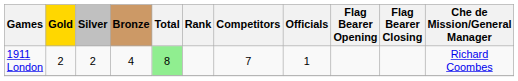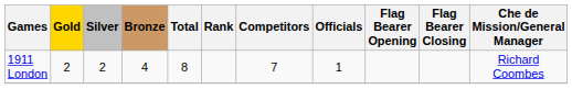 <table class="wikitable sortable plainrowheaders" border="1" style="text-align:center;">
 <tr>
 <th scope="col" style="width:10em;">Games</th>
 <th scope="col" style="background-color:gold; font-weight:bold;">Gold</th>
 <th scope="col" style="background-color:silver; font-weight:bold;">Silver</th>
 <th scope="col" style="background-color:#cc9966; font-weight:bold;">Bronze</th>
 <th scope="col">Total</th>
 <th style="width:3em; font-weight:bold;">Rank</th>
 <th style="width:3em; font-weight:bold;">Competitors</th>
 <th style="width:3em; font-weight:bold;">Officials</th>
 <th style="width=175px; font-weight:bold;">Flag Bearer Opening</th>
 <th style="width=175px; font-weight:bold;">Flag Bearer Closing</th>
 <th style="width=175px; font-weight:bold;">Che de Mission/General Manager</th>
 </tr>
 <tr>
 <td align=left> <a href='#'>1911 London</a></td>
 <td>2</td>
 <td>2</td>
 <td>4</td>
-<td style="background: lightgreen;">8</td>
+<td>8</td>
 <td></td>
 <td>7</td>
 <td>1</td>
 <td></td>
 <td></td>
 <td><a href='#'>Richard Coombes</a></td>
 </tr>
 <tr>
 </tr>
 </table>
